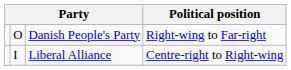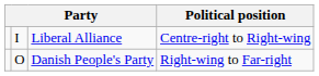 <table class="wikitable">
 <tr>
 <th colspan="3">Party</th>
 <th>Political position</th>
 </tr>
 <tr>
 <td></td>
+<td>I</td>
+<td><a href='#'>Liberal Alliance</a></td>
+<td><a href='#'>Centre-right</a> to <a href='#'>Right-wing</a></td>
+</tr>
+<tr>
+<td></td>
 <td>O</td>
 <td><a href='#'>Danish People's Party</a></td>
 <td><a href='#'>Right-wing</a> to  <a href='#'>Far-right</a></td>
 </tr>
-<tr>
-<td></td>
-<td>I</td>
-<td><a href='#'>Liberal Alliance</a></td>
-<td><a href='#'>Centre-right</a> to <a href='#'>Right-wing</a></td>
-</tr>
 </table>
